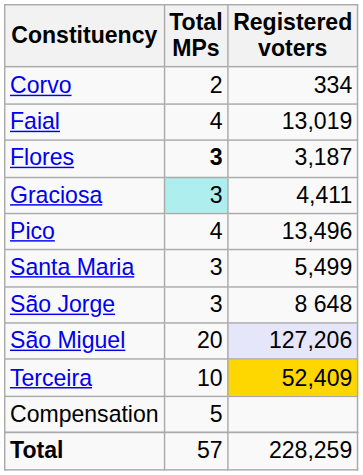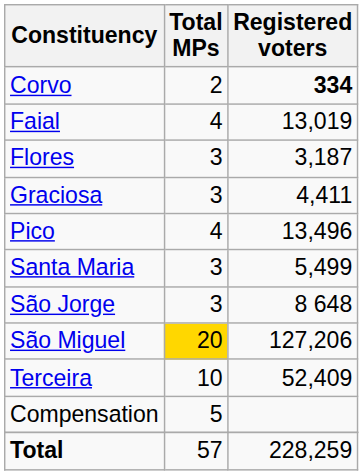 <table class="wikitable sortable" style="text-align:right">
 <tr>
 <th>Constituency</th>
 <th>Total <br>MPs</th>
 <th>Registered<br>voters</th>
 </tr>
 <tr>
 <td align="left"><a href='#'>Corvo</a></td>
 <td>2</td>
-<td>334</td>
+<td><strong>334</strong></td>
 </tr>
 <tr>
 <td align="left"><a href='#'>Faial</a></td>
 <td>4</td>
 <td>13,019</td>
 </tr>
 <tr>
 <td align="left"><a href='#'>Flores</a></td>
-<td><strong>3</strong></td>
+<td>3</td>
 <td>3,187</td>
 </tr>
 <tr>
 <td align="left"><a href='#'>Graciosa</a></td>
-<td style="background: paleturquoise;">3</td>
+<td>3</td>
 <td>4,411</td>
 </tr>
 <tr>
 <td align="left"><a href='#'>Pico</a></td>
 <td>4</td>
 <td>13,496</td>
 </tr>
 <tr>
 <td align="left"><a href='#'>Santa Maria</a></td>
 <td>3</td>
 <td>5,499</td>
 </tr>
 <tr>
 <td align="left"><a href='#'>São Jorge</a></td>
 <td>3</td>
 <td>8 648</td>
 </tr>
 <tr>
 <td align="left"><a href='#'>São Miguel</a></td>
-<td>20</td>
-<td style="background: lavender;">127,206</td>
+<td style="background: gold;">20</td>
+<td>127,206</td>
 </tr>
 <tr>
 <td align="left"><a href='#'>Terceira</a></td>
 <td>10</td>
-<td style="background: gold;">52,409</td>
+<td>52,409</td>
 </tr>
 <tr>
 <td align="left">Compensation</td>
 <td>5</td>
 <td></td>
 </tr>
 <tr>
 </tr>
 <tr>
 <td align="left"><strong>Total</strong></td>
 <td>57</td>
 <td>228,259</td>
 </tr>
 </table>
